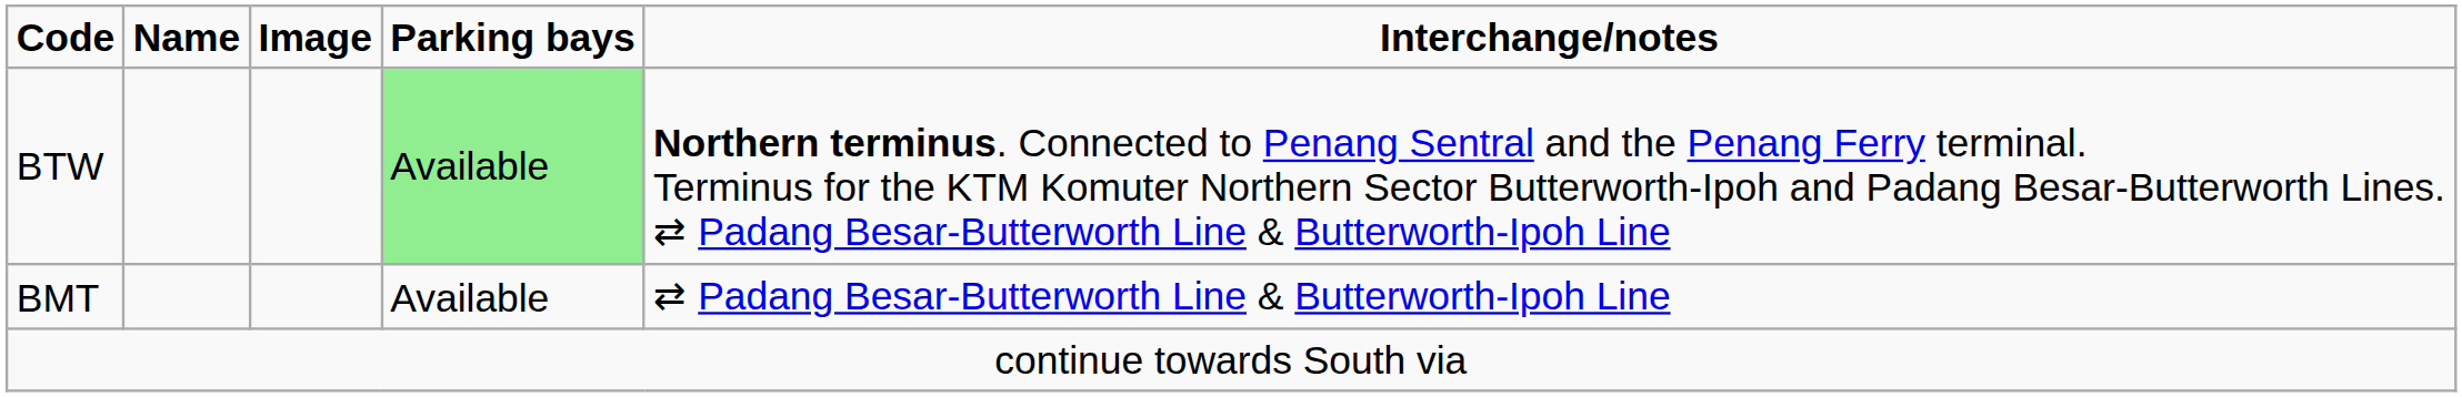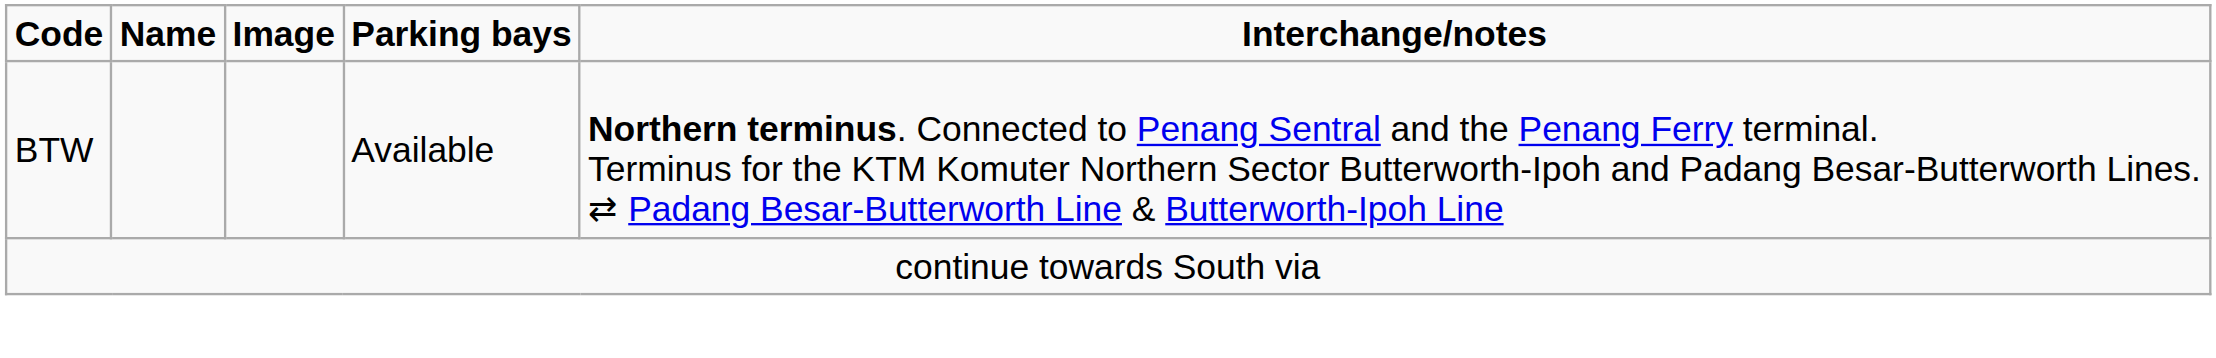 <table class="wikitable sortable" style="margin-left:1em; margin-bottom:1em; color:black; font-size:95%;">
 <tr align="center" style="color:black">
 <td><strong>Code</strong></td>
 <td><strong>Name</strong></td>
 <td><strong>Image</strong></td>
 <td><strong>Parking bays</strong></td>
 <td><strong>Interchange/notes</strong></td>
 </tr>
 <tr>
 <td>BTW</td>
 <td><strong></strong></td>
 <td></td>
-<td style="background: lightgreen;">Available</td>
+<td>Available</td>
 <td><br><strong>Northern terminus</strong>. Connected to <a href='#'>Penang Sentral</a> and the <a href='#'>Penang Ferry</a> terminal.<br>Terminus for the KTM Komuter Northern Sector Butterworth-Ipoh and Padang Besar-Butterworth Lines.<br>⇄ <a href='#'>Padang Besar-Butterworth Line</a> & <a href='#'>Butterworth-Ipoh Line</a></td>
-</tr>
-<tr>
-<td>BMT</td>
-<td></td>
-<td></td>
-<td>Available</td>
-<td>⇄ <a href='#'>Padang Besar-Butterworth Line</a> & <a href='#'>Butterworth-Ipoh Line</a></td>
 </tr>
 <tr>
 <td colspan="5" style="text-align:center;">continue towards South via </td>
 </tr>
 </table>
